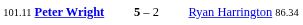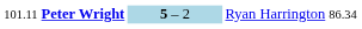 <table style="text-align:center">
 <tr>
 <th width=223></th>
 <th width=100></th>
 <th width=223></th>
 </tr>
 <tr>
 <td align=right><small>101.11</small> <strong><a href='#'>Peter Wright</a></strong> </td>
-<td><strong>5</strong> – 2</td>
+<td style="background: lightblue;"><strong>5</strong> – 2</td>
 <td align=left> <a href='#'>Ryan Harrington</a>  <small>86.34</small></td>
 </tr>
 <tr>
 <td align=right></td>
 <td></td>
 <td align=left></td>
 </tr>
 </table>
